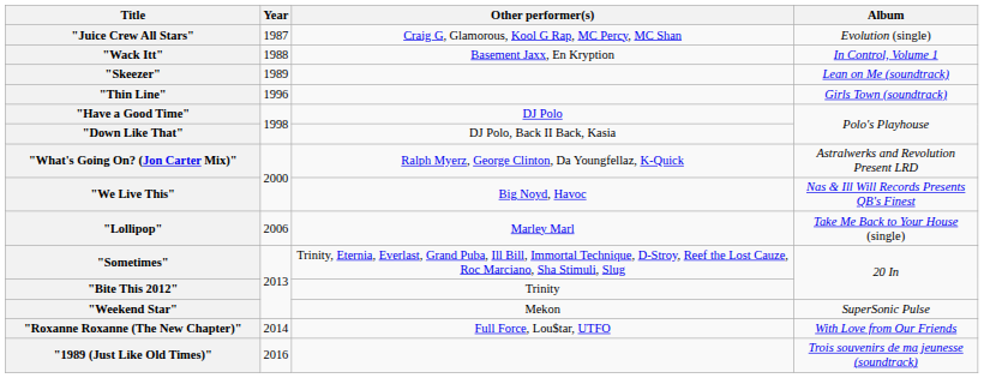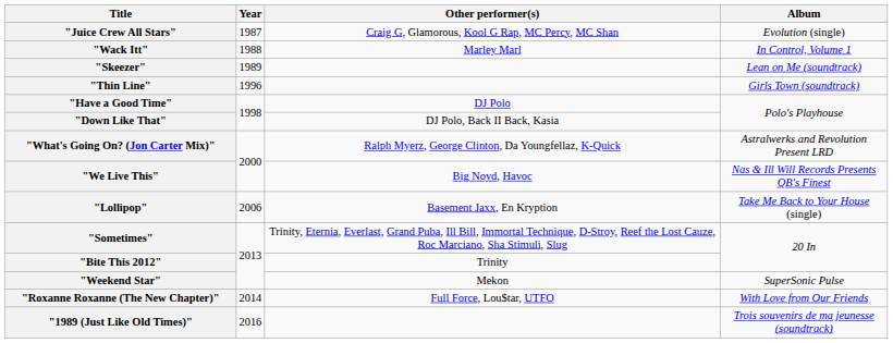 <table class="wikitable plainrowheaders" style="text-align:center;">
 <tr>
 <th scope="col" style="width:20em;">Title</th>
 <th scope="col">Year</th>
 <th scope="col">Other performer(s)</th>
 <th scope="col">Album</th>
 </tr>
 <tr>
 <th scope="row">"Juice Crew All Stars"</th>
 <td>1987</td>
 <td><a href='#'>Craig G</a>, Glamorous, <a href='#'>Kool G Rap</a>, <a href='#'>MC Percy</a>, <a href='#'>MC Shan</a></td>
 <td><em>Evolution</em> (single)</td>
 </tr>
 <tr>
 <th scope="row">"Wack Itt"</th>
 <td>1988</td>
-<td><a href='#'>Basement Jaxx</a>, En Kryption</td>
+<td><a href='#'>Marley Marl</a></td>
 <td><em><a href='#'>In Control, Volume 1</a></em></td>
 </tr>
 <tr>
 <th scope="row">"Skeezer"</th>
 <td>1989</td>
 <td></td>
 <td><a href='#'><em>Lean on Me (soundtrack)</em></a></td>
 </tr>
 <tr>
 <th scope="row">"Thin Line"</th>
 <td>1996</td>
 <td></td>
 <td><em><a href='#'>Girls Town (soundtrack)</a></em></td>
 </tr>
 <tr>
 <th scope="row">"Have a Good Time"</th>
 <td rowspan="2">1998</td>
 <td><a href='#'>DJ Polo</a></td>
 <td rowspan="2"><em>Polo's Playhouse</em></td>
 </tr>
 <tr>
 <th scope="row">"Down Like That"</th>
 <td>DJ Polo, Back II Back, Kasia</td>
 </tr>
 <tr>
 <th scope="row">"What's Going On? (<a href='#'>Jon Carter</a> Mix)"</th>
 <td rowspan="2">2000</td>
 <td><a href='#'>Ralph Myerz</a>, <a href='#'>George Clinton</a>, Da Youngfellaz, <a href='#'>K-Quick</a></td>
 <td><em>Astralwerks and Revolution Present LRD</em></td>
 </tr>
 <tr>
 <th scope="row">"We Live This"</th>
 <td><a href='#'>Big Noyd</a>, <a href='#'>Havoc</a></td>
 <td><em><a href='#'>Nas & Ill Will Records Presents QB's Finest</a></em></td>
 </tr>
 <tr>
 <th scope="row">"Lollipop"</th>
 <td>2006</td>
-<td><a href='#'>Marley Marl</a></td>
+<td><a href='#'>Basement Jaxx</a>, En Kryption</td>
 <td><em><a href='#'>Take Me Back to Your House</a></em> (single)</td>
 </tr>
 <tr>
 <th scope="row">"Sometimes"</th>
 <td rowspan="3">2013</td>
 <td>Trinity, <a href='#'>Eternia</a>, <a href='#'>Everlast</a>, <a href='#'>Grand Puba</a>, <a href='#'>Ill Bill</a>, <a href='#'>Immortal Technique</a>, <a href='#'>D-Stroy</a>, <a href='#'>Reef the Lost Cauze</a>, <a href='#'>Roc Marciano</a>, <a href='#'>Sha Stimuli</a>, <a href='#'>Slug</a></td>
 <td rowspan="2"><em>20 In</em></td>
 </tr>
 <tr>
 <th scope="row">"Bite This 2012"</th>
 <td>Trinity</td>
 </tr>
 <tr>
 <th scope="row">"Weekend Star"</th>
 <td>Mekon</td>
 <td><em>SuperSonic Pulse</em></td>
 </tr>
 <tr>
 <th scope="row">"Roxanne Roxanne (The New Chapter)"</th>
 <td>2014</td>
 <td><a href='#'>Full Force</a>, Lou$tar, <a href='#'>UTFO</a></td>
 <td><em><a href='#'>With Love from Our Friends</a></em></td>
 </tr>
 <tr>
 <th scope="row">"1989 (Just Like Old Times)"</th>
 <td>2016</td>
 <td></td>
 <td><em><a href='#'>Trois souvenirs de ma jeunesse (soundtrack)</a></td>
 </tr>
 </table>
